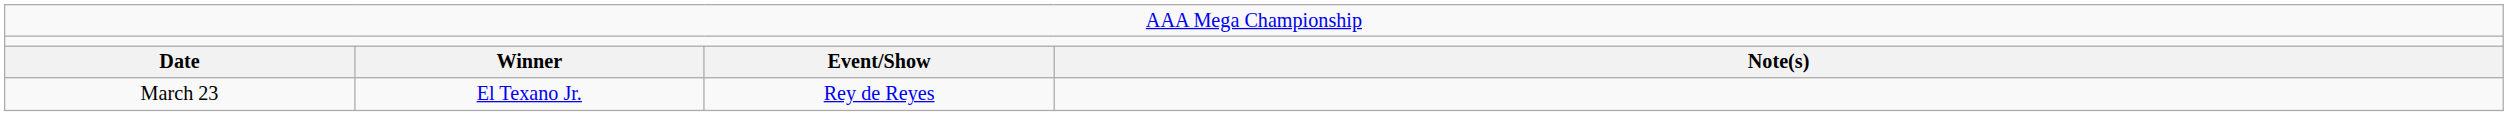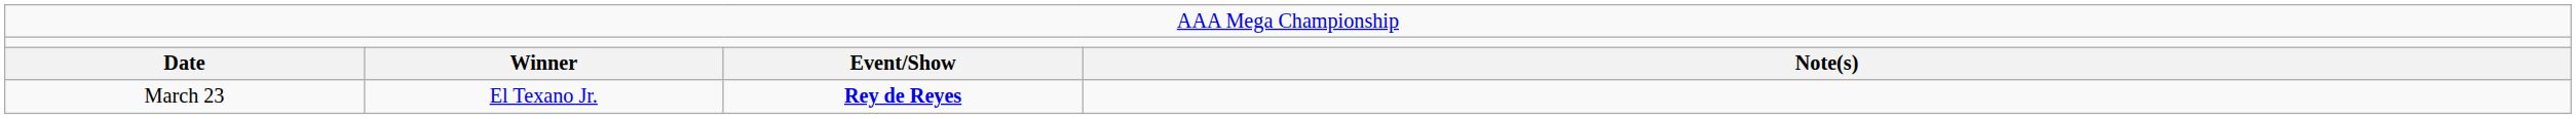 <table class="wikitable" style="text-align:center; width:100%;">
 <tr>
 <td colspan="5"><a href='#'>AAA Mega Championship</a></td>
 </tr>
 <tr>
 <td colspan="5"><strong></strong></td>
 </tr>
 <tr>
 <th width="14%">Date</th>
 <th width="14%">Winner</th>
 <th width="14%">Event/Show</th>
 <th width="58%">Note(s)</th>
 </tr>
 <tr>
 <td>March 23</td>
 <td><a href='#'>El Texano Jr.</a></td>
-<td><a href='#'>Rey de Reyes</a></td>
+<td><strong><a href='#'>Rey de Reyes</a></strong></td>
 <td align="left"></td>
 </tr>
 </table>
